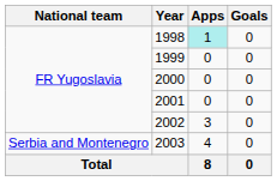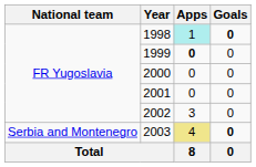 <table class="wikitable" style="text-align:center">
 <tr>
 <th>National team</th>
 <th>Year</th>
 <th>Apps</th>
 <th>Goals</th>
 </tr>
 <tr>
 <td rowspan="5"><a href='#'>FR Yugoslavia</a></td>
 <td>1998</td>
 <td style="background: paleturquoise;">1</td>
-<td>0</td>
+<td><strong>0</strong></td>
 </tr>
 <tr>
 <td>1999</td>
-<td>0</td>
+<td><strong>0</strong></td>
 <td>0</td>
 </tr>
 <tr>
 <td>2000</td>
 <td>0</td>
 <td>0</td>
 </tr>
 <tr>
 <td>2001</td>
 <td>0</td>
 <td>0</td>
 </tr>
 <tr>
 <td>2002</td>
 <td>3</td>
 <td>0</td>
 </tr>
 <tr>
 <td><a href='#'>Serbia and Montenegro</a></td>
 <td>2003</td>
-<td>4</td>
-<td>0</td>
+<td style="background: khaki;">4</td>
+<td><strong>0</strong></td>
 </tr>
 <tr>
 <th colspan="2">Total</th>
 <th>8</th>
 <th>0</th>
 </tr>
 </table>
